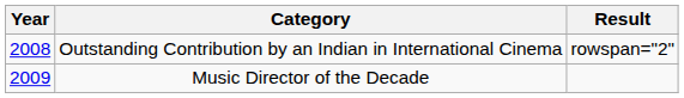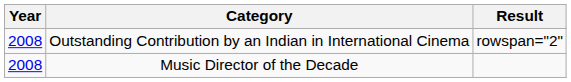 <table class="wikitable">
 <tr>
 <th>Year</th>
 <th>Category</th>
 <th>Result</th>
 </tr>
 <tr>
 <td style="text-align:center;"><a href='#'>2008</a></td>
 <td style="text-align:center;">Outstanding Contribution by an Indian in International Cinema</td>
 <td>rowspan="2" </td>
 </tr>
 <tr>
-<td style="text-align:center;"><a href='#'>2009</a></td>
+<td style="text-align:center;"><a href='#'>2008</a></td>
 <td style="text-align:center;">Music Director of the Decade<br></td>
 </tr>
 </table>
